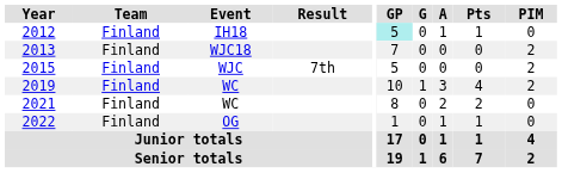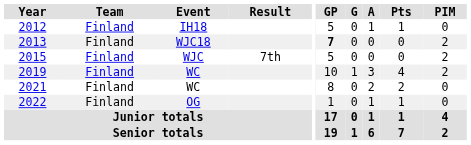 <table border="0" cellpadding="1" cellspacing="0" ID="Table3" style="text-align:center; width:40em">
 <tr ALIGN="center" bgcolor="#e0e0e0">
 <th>Year</th>
 <th>Team</th>
 <th>Event</th>
 <th>Result</th>
 <th rowspan="99" bgcolor="#ffffff"></th>
 <th>GP</th>
 <th>G</th>
 <th>A</th>
 <th>Pts</th>
 <th>PIM</th>
 </tr>
 <tr>
 <td><a href='#'>2012</a></td>
 <td><a href='#'>Finland</a></td>
 <td><a href='#'>IH18</a></td>
 <td></td>
-<td style="background: paleturquoise;">5</td>
+<td>5</td>
 <td>0</td>
 <td>1</td>
 <td>1</td>
 <td>0</td>
 </tr>
 <tr bgcolor="#f0f0f0">
 <td><a href='#'>2013</a></td>
 <td>Finland</td>
 <td><a href='#'>WJC18</a></td>
 <td></td>
-<td>7</td>
+<td><strong>7</strong></td>
 <td>0</td>
 <td>0</td>
 <td>0</td>
 <td>2</td>
 </tr>
 <tr>
 <td><a href='#'>2015</a></td>
 <td><a href='#'>Finland</a></td>
 <td><a href='#'>WJC</a></td>
 <td>7th</td>
 <td>5</td>
 <td>0</td>
 <td>0</td>
 <td>0</td>
 <td>2</td>
 </tr>
 <tr bgcolor="#f0f0f0">
 <td><a href='#'>2019</a></td>
 <td><a href='#'>Finland</a></td>
 <td><a href='#'>WC</a></td>
 <td></td>
 <td>10</td>
 <td>1</td>
 <td>3</td>
 <td>4</td>
 <td>2</td>
 </tr>
 <tr>
 <td><a href='#'>2021</a></td>
 <td>Finland</td>
 <td>WC</td>
 <td></td>
 <td>8</td>
 <td>0</td>
 <td>2</td>
 <td>2</td>
 <td>0</td>
 </tr>
 <tr bgcolor="#f0f0f0">
 <td><a href='#'>2022</a></td>
 <td>Finland</td>
 <td><a href='#'>OG</a></td>
 <td></td>
 <td>1</td>
 <td>0</td>
 <td>1</td>
 <td>1</td>
 <td>0</td>
 </tr>
 <tr bgcolor="#e0e0e0">
 <th colspan="4">Junior totals</th>
 <th>17</th>
 <th>0</th>
 <th>1</th>
 <th>1</th>
 <th>4</th>
 </tr>
 <tr bgcolor="#e0e0e0">
 <th colspan="4">Senior totals</th>
 <th>19</th>
 <th>1</th>
 <th>6</th>
 <th>7</th>
 <th>2</th>
 </tr>
 </table>
